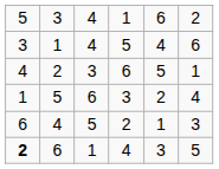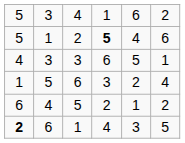 <table class="wikitable" border="1" align="center" style="margin: 1em auto 1em auto; text-align:center; width:200px">
 <tr>
 <td>5</td>
 <td>3</td>
 <td>4</td>
 <td>1</td>
 <td>6</td>
 <td>2</td>
 </tr>
 <tr>
-<td>3</td>
+<td>5</td>
 <td>1</td>
-<td>4</td>
-<td>5</td>
+<td>2</td>
+<td><strong>5</strong></td>
 <td>4</td>
 <td>6</td>
 </tr>
 <tr>
 <td>4</td>
-<td>2</td>
+<td>3</td>
 <td>3</td>
 <td>6</td>
 <td>5</td>
 <td>1</td>
 </tr>
 <tr>
 <td>1</td>
 <td>5</td>
 <td>6</td>
 <td>3</td>
 <td>2</td>
 <td>4</td>
 </tr>
 <tr>
 <td>6</td>
 <td>4</td>
 <td>5</td>
 <td>2</td>
 <td>1</td>
-<td>3</td>
+<td>2</td>
 </tr>
 <tr>
 <td><strong>2</strong></td>
 <td>6</td>
 <td>1</td>
 <td>4</td>
 <td>3</td>
 <td>5</td>
 </tr>
 </table>
